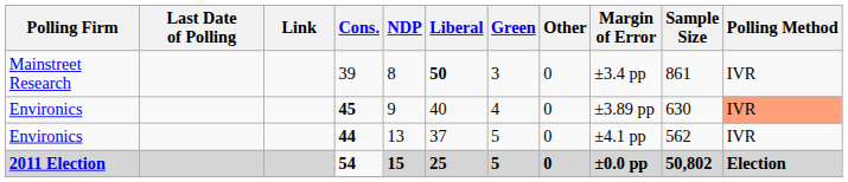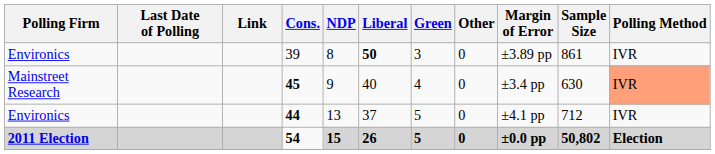 <table class="wikitable sortable">
 <tr style="background:#e9e9e9;">
 <th style="width:120px">Polling Firm</th>
 <th style="width:110px">Last Date<br>of Polling</th>
 <th style="width:60px" class="unsortable">Link</th>
 <th style="background-color:"><strong><a href='#'>Cons.</a></strong></th>
 <th style="background-color:"><strong><a href='#'>NDP</a></strong></th>
 <th style="background-color:"><strong><a href='#'>Liberal</a></strong></th>
 <th style="background-color:"><strong><a href='#'>Green</a></strong></th>
 <th style="background-color:"><strong>Other</strong></th>
 <th style="width:60px;" class=unsortable>Margin<br>of Error</th>
 <th style="width:50px;" class=unsortable>Sample<br>Size</th>
 <th class=unsortable>Polling Method</th>
 </tr>
 <tr>
-<td><a href='#'>Mainstreet Research</a></td>
+<td><a href='#'>Environics</a></td>
 <td></td>
 <td></td>
 <td>39</td>
 <td>8</td>
 <td><strong>50</strong></td>
 <td>3</td>
 <td>0</td>
-<td>±3.4 pp</td>
+<td>±3.89 pp</td>
 <td>861</td>
 <td>IVR</td>
 </tr>
 <tr>
-<td><a href='#'>Environics</a></td>
+<td><a href='#'>Mainstreet Research</a></td>
 <td></td>
 <td></td>
 <td><strong>45</strong></td>
 <td>9</td>
 <td>40</td>
 <td>4</td>
 <td>0</td>
-<td>±3.89 pp</td>
+<td>±3.4 pp</td>
 <td>630</td>
 <td style="background: lightsalmon;">IVR</td>
 </tr>
 <tr>
 <td><a href='#'>Environics</a></td>
 <td></td>
 <td></td>
 <td><strong>44</strong></td>
 <td>13</td>
 <td>37</td>
 <td>5</td>
 <td>0</td>
 <td>±4.1 pp</td>
-<td>562</td>
+<td>712</td>
 <td>IVR</td>
 </tr>
 <tr>
 <td style="background:#D5D5D5"><strong><a href='#'>2011 Election</a></strong></td>
 <td style="background:#D5D5D5"><strong></strong></td>
 <td style="background:#D5D5D5"></td>
 <td><strong>54</strong></td>
 <td style="background:#D5D5D5"><strong>15</strong></td>
-<td style="background:#D5D5D5"><strong>25</strong></td>
+<td style="background:#D5D5D5"><strong>26</strong></td>
 <td style="background:#D5D5D5"><strong>5</strong></td>
 <td style="background:#D5D5D5"><strong>0</strong></td>
 <td style="background:#D5D5D5"><strong>±0.0 pp</strong></td>
 <td style="background:#D5D5D5"><strong>50,802</strong></td>
 <td style="background:#D5D5D5"><strong>Election</strong></td>
 </tr>
 <tr>
 </tr>
 <tr>
 </tr>
 </table>
